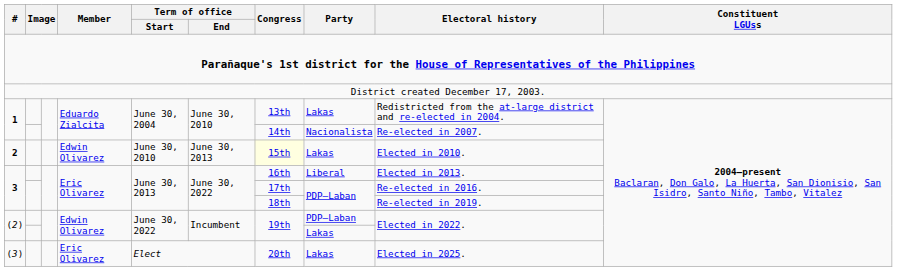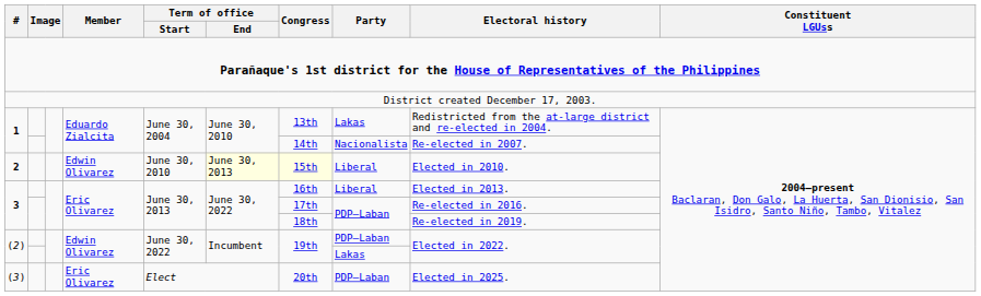 <table class=wikitable>
 <tr>
 <th rowspan="2">#</th>
 <th rowspan="2" colspan=2>Image</th>
 <th rowspan="2">Member</th>
 <th colspan=2>Term of office</th>
 <th rowspan="2">Congress</th>
 <th rowspan="2">Party</th>
 <th rowspan="2">Electoral history</th>
 <th rowspan="2">Constituent<br><a href='#'>LGUs</a>s</th>
 </tr>
 <tr>
 <th>Start</th>
 <th>End</th>
 </tr>
 <tr>
 <td colspan="11" style="text-align:center;"><br><h3>Parañaque's 1st district for the <a href='#'>House of Representatives of the Philippines</a></h3></td>
 </tr>
 <tr>
 <td colspan="11" style="text-align:center;">District created December 17, 2003.</td>
 </tr>
 <tr>
 <td rowspan="2" style="text-align:center;"><strong>1</strong></td>
 <td style="color:inherit;background:"></td>
 <td rowspan="2"></td>
 <td rowspan="2"><a href='#'>Eduardo Zialcita</a></td>
 <td rowspan="2">June 30, 2004</td>
 <td rowspan="2">June 30, 2010</td>
 <td style="text-align:center;"><a href='#'>13th</a></td>
 <td><a href='#'>Lakas</a></td>
 <td>Redistricted from the <a href='#'>at-large district</a> and <a href='#'>re-elected in 2004</a>.</td>
 <td rowspan="9" style="text-align:center;"><strong>2004–present</strong><br><a href='#'>Baclaran</a>, <a href='#'>Don Galo</a>, <a href='#'>La Huerta</a>, <a href='#'>San Dionisio</a>, <a href='#'>San Isidro</a>, <a href='#'>Santo Niño</a>, <a href='#'>Tambo</a>, <a href='#'>Vitalez</a></td>
 </tr>
 <tr>
 <td style="color:inherit;background:"></td>
 <td style="text-align:center;"><a href='#'>14th</a></td>
 <td><a href='#'>Nacionalista</a></td>
 <td><a href='#'>Re-elected in 2007</a>.</td>
 </tr>
 <tr>
 <td style="text-align:center;"><strong>2</strong></td>
 <td style="color:inherit;background:"></td>
 <td></td>
 <td><a href='#'>Edwin Olivarez</a></td>
 <td>June 30, 2010</td>
-<td>June 30, 2013</td>
+<td style="background: lightyellow;">June 30, 2013</td>
 <td style="background: lightyellow; text-align:center;"><a href='#'>15th</a></td>
-<td><a href='#'>Lakas</a></td>
+<td><a href='#'>Liberal</a></td>
 <td><a href='#'>Elected in 2010</a>.</td>
 </tr>
 <tr>
 <td rowspan="3" style="text-align:center;"><strong>3</strong></td>
 <td style="color:inherit;background:"></td>
 <td rowspan="3"></td>
 <td rowspan="3"><a href='#'>Eric Olivarez</a></td>
 <td rowspan="3">June 30, 2013</td>
 <td rowspan="3">June 30, 2022</td>
 <td style="text-align:center;"><a href='#'>16th</a></td>
 <td><a href='#'>Liberal</a></td>
 <td><a href='#'>Elected in 2013</a>.</td>
 </tr>
 <tr>
 <td rowspan="2" style="color:inherit;background:"></td>
 <td style="text-align:center;"><a href='#'>17th</a></td>
 <td rowspan="2"><a href='#'>PDP–Laban</a></td>
 <td><a href='#'>Re-elected in 2016</a>.</td>
 </tr>
 <tr>
 <td style="text-align:center;"><a href='#'>18th</a></td>
 <td><a href='#'>Re-elected in 2019</a>.</td>
 </tr>
 <tr>
 <td style="text-align:center;" rowspan="2">(<em>2</em>)</td>
 <td style="color:inherit;background:"></td>
 <td rowspan="2"></td>
 <td rowspan="2"><a href='#'>Edwin Olivarez</a></td>
 <td rowspan="2">June 30, 2022</td>
 <td rowspan="2">Incumbent</td>
 <td style="text-align:center;" rowspan="2"><a href='#'>19th</a></td>
 <td><a href='#'>PDP–Laban</a></td>
 <td rowspan="2"><a href='#'>Elected in 2022</a>.</td>
 </tr>
 <tr>
 <td style="color:inherit;background:"></td>
 <td><a href='#'>Lakas</a></td>
 </tr>
 <tr>
 <td style="text-align:center">(<em>3</em>)</td>
 <td style="color:inherit;background:"></td>
 <td></td>
 <td><a href='#'>Eric Olivarez</a><br></td>
 <td colspan="2"><em>Elect</em></td>
 <td style="text-align:center;"><a href='#'>20th</a></td>
-<td><a href='#'>Lakas</a></td>
+<td><a href='#'>PDP–Laban</a></td>
 <td><a href='#'>Elected in 2025</a>.</td>
 </tr>
 </table>
